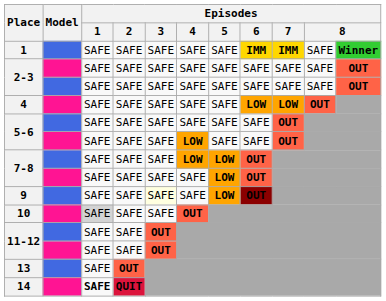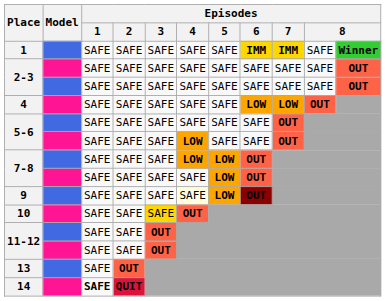 <table class="wikitable" style="text-align:center; font-size:92%">
 <tr>
 <th rowspan="2">Place</th>
 <th rowspan="2">Model</th>
 <th colspan="15">Episodes</th>
 </tr>
 <tr>
 <th>1</th>
 <th>2</th>
 <th>3</th>
 <th>4</th>
 <th>5</th>
 <th>6</th>
 <th>7</th>
 <th colspan= "2">8</th>
 </tr>
 <tr>
 <th>1</th>
 <td style="background:royalblue"></td>
 <td>SAFE</td>
 <td>SAFE</td>
 <td>SAFE</td>
 <td>SAFE</td>
 <td>SAFE</td>
 <td style="background:gold;"><strong>IMM</strong></td>
 <td style="background:gold;"><strong>IMM</strong></td>
 <td>SAFE</td>
 <td style="background:limegreen"><strong>Winner</strong></td>
 </tr>
 <tr>
 <th rowspan="2">2-3</th>
 <td style="background:deeppink"></td>
 <td>SAFE</td>
 <td>SAFE</td>
 <td>SAFE</td>
 <td>SAFE</td>
 <td>SAFE</td>
 <td>SAFE</td>
 <td>SAFE</td>
 <td>SAFE</td>
 <td style="background:tomato"><strong>OUT</strong></td>
 </tr>
 <tr>
 <td style="background:royalblue"></td>
 <td>SAFE</td>
 <td>SAFE</td>
 <td>SAFE</td>
 <td>SAFE</td>
 <td>SAFE</td>
 <td>SAFE</td>
 <td>SAFE</td>
 <td>SAFE</td>
 <td style="background:tomato"><strong>OUT</strong></td>
 </tr>
 <tr>
 <th>4</th>
 <td style="background:deeppink"></td>
 <td>SAFE</td>
 <td>SAFE</td>
 <td>SAFE</td>
 <td>SAFE</td>
 <td>SAFE</td>
 <td style="background:orange;"><strong>LOW</strong></td>
 <td style="background:orange;"><strong>LOW</strong></td>
 <td style="background:tomato"><strong>OUT</strong></td>
 <td colspan="2" style="background:darkgray"></td>
 </tr>
 <tr>
 <th rowspan="2">5-6</th>
 <td style="background:royalblue"></td>
 <td>SAFE</td>
 <td>SAFE</td>
 <td>SAFE</td>
 <td>SAFE</td>
 <td>SAFE</td>
 <td>SAFE</td>
 <td style="background:tomato"><strong>OUT</strong></td>
 <td colspan="2" style="background:darkgray"></td>
 </tr>
 <tr>
 <td style="background:deeppink"></td>
 <td>SAFE</td>
 <td>SAFE</td>
 <td>SAFE</td>
 <td style="background:orange;"><strong>LOW</strong></td>
 <td>SAFE</td>
 <td>SAFE</td>
 <td style="background:tomato"><strong>OUT</strong></td>
 <td colspan="2" style="background:darkgray"></td>
 </tr>
 <tr>
 <th rowspan="2">7-8</th>
 <td style="background:royalblue"></td>
 <td>SAFE</td>
 <td>SAFE</td>
 <td>SAFE</td>
 <td style="background:orange;"><strong>LOW</strong></td>
 <td style="background:orange;"><strong>LOW</strong></td>
 <td style="background:tomato"><strong>OUT</strong></td>
 <td colspan="3" style="background:darkgray"></td>
 </tr>
 <tr>
 <td style="background:deeppink"></td>
 <td>SAFE</td>
 <td>SAFE</td>
 <td>SAFE</td>
 <td>SAFE</td>
 <td style="background:orange;"><strong>LOW</strong></td>
 <td style="background:tomato"><strong>OUT</strong></td>
 <td colspan="9" style="background:darkgray"></td>
 </tr>
 <tr>
 <th>9</th>
 <td style="background:royalblue"></td>
 <td>SAFE</td>
 <td>SAFE</td>
+<td>SAFE</td>
 <td style="background: lightyellow;">SAFE</td>
-<td>SAFE</td>
 <td style="background:orange;"><strong>LOW</strong></td>
 <td style="background:darkred"><span><strong>OUT</strong></span></td>
 <td colspan="9" style="background:darkgray"></td>
 </tr>
 <tr>
 <th>10</th>
 <td style="background:deeppink"></td>
-<td style="background: lightgrey;">SAFE</td>
 <td>SAFE</td>
 <td>SAFE</td>
+<td style="background: gold;">SAFE</td>
 <td style="background:tomato"><strong>OUT</strong></td>
 <td colspan="9" style="background:darkgray"></td>
 </tr>
 <tr>
 <th rowspan="2">11-12</th>
 <td style="background:royalblue"></td>
 <td>SAFE</td>
 <td>SAFE</td>
 <td style="background:tomato"><strong>OUT</strong></td>
 <td rowspan="2" colspan="9" style="background:darkgray"></td>
 </tr>
 <tr>
 <td style="background:deeppink"></td>
 <td>SAFE</td>
 <td>SAFE</td>
 <td style="background:tomato"><strong>OUT</strong></td>
 </tr>
 <tr>
 <th>13</th>
 <td style="background:royalblue"></td>
 <td>SAFE</td>
 <td style="background:tomato"><strong>OUT</strong></td>
 <td rowspan="2" colspan="10" style="background:darkgray"></td>
 </tr>
 <tr>
 <th>14</th>
 <td style="background:deeppink"></td>
 <td><strong>SAFE</strong></td>
 <td style="background:crimson;"><span><strong>QUIT</strong></span></td>
 </tr>
 </table>
